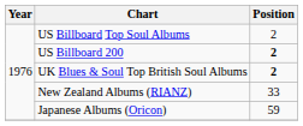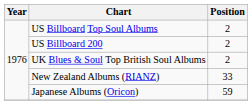 <table class="wikitable">
 <tr>
 <th>Year</th>
 <th>Chart</th>
 <th>Position</th>
 </tr>
 <tr>
 <td rowspan="5">1976</td>
 <td>US <a href='#'>Billboard</a> <a href='#'>Top Soul Albums</a></td>
 <td style="text-align:center;">2</td>
 </tr>
 <tr>
 <td>US <a href='#'>Billboard 200</a></td>
-<td style="text-align:center;"><strong>2</strong></td>
+<td style="text-align:center;">2</td>
 </tr>
 <tr>
 <td>UK <a href='#'>Blues & Soul</a> Top British Soul Albums</td>
-<td style="text-align:center;"><strong>2</strong></td>
+<td style="text-align:center;">2</td>
 </tr>
 <tr>
 <td>New Zealand Albums (<a href='#'>RIANZ</a>)</td>
 <td style="text-align:center;">33</td>
 </tr>
 <tr>
 <td>Japanese Albums (<a href='#'>Oricon</a>)</td>
 <td align="center">59</td>
 </tr>
 <tr>
 </tr>
 </table>
